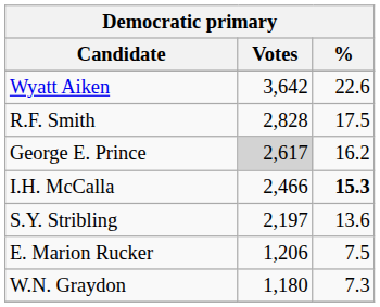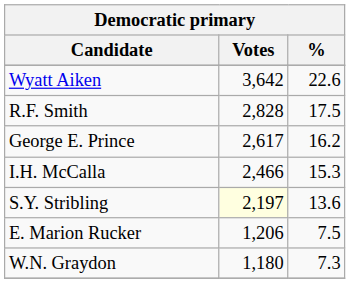 <table class="wikitable" align="left" style="margin: 1em 1em 1em 0; font-size: 95%;">
 <tr>
 <th colspan="3">Democratic primary</th>
 </tr>
 <tr>
 <th colspan="1" style="width: 170px">Candidate</th>
 <th style="width: 50px">Votes</th>
 <th style="width: 40px">%</th>
 </tr>
 <tr>
 </tr>
 <tr>
 <td><a href='#'>Wyatt Aiken</a></td>
 <td align="right">3,642</td>
 <td align="right">22.6</td>
 </tr>
 <tr>
 <td>R.F. Smith</td>
 <td align="right">2,828</td>
 <td align="right">17.5</td>
 </tr>
 <tr>
 <td>George E. Prince</td>
-<td align="right" style="background: lightgrey;">2,617</td>
+<td align="right">2,617</td>
 <td align="right">16.2</td>
 </tr>
 <tr>
 <td>I.H. McCalla</td>
 <td align="right">2,466</td>
-<td align="right"><strong>15.3</strong></td>
+<td align="right">15.3</td>
 </tr>
 <tr>
 <td>S.Y. Stribling</td>
-<td align="right">2,197</td>
+<td align="right" style="background: lightyellow;">2,197</td>
 <td align="right">13.6</td>
 </tr>
 <tr>
 <td>E. Marion Rucker</td>
 <td align="right">1,206</td>
 <td align="right">7.5</td>
 </tr>
 <tr>
 <td>W.N. Graydon</td>
 <td align="right">1,180</td>
 <td align="right">7.3</td>
 </tr>
 <tr>
 </tr>
 </table>
